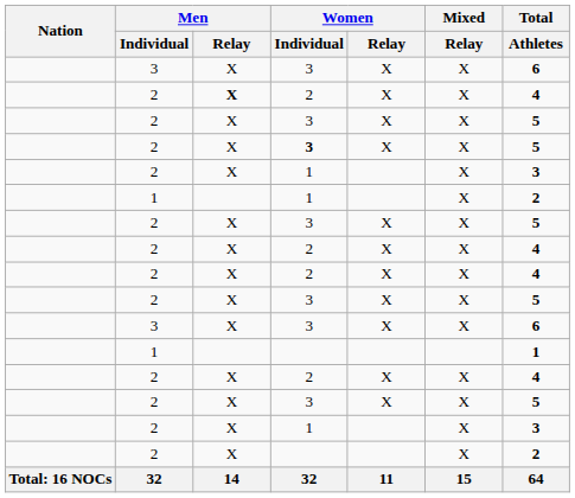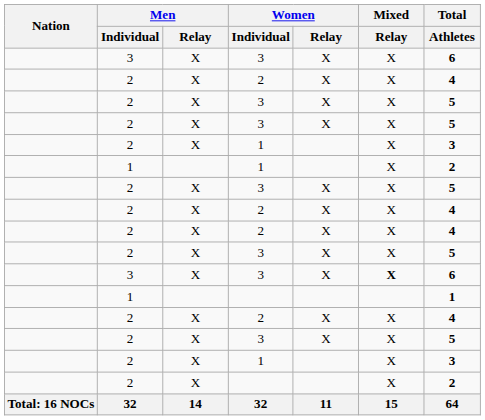 <table class="wikitable" style="text-align:center; font-size:90%">
 <tr>
 <th rowspan="2" align="left">Nation</th>
 <th colspan="2"><a href='#'>Men</a></th>
 <th colspan="2"><a href='#'>Women</a></th>
 <th>Mixed</th>
 <th>Total</th>
 </tr>
 <tr>
 <th width=65>Individual</th>
 <th width=65>Relay</th>
 <th width=65>Individual</th>
 <th width=65>Relay</th>
 <th width=65>Relay</th>
 <th width=55>Athletes</th>
 </tr>
 <tr>
 <td align=left></td>
 <td>3</td>
 <td>X</td>
 <td>3</td>
 <td>X</td>
 <td>X</td>
 <td><strong>6</strong></td>
 </tr>
 <tr>
 <td align=left></td>
 <td>2</td>
-<td><strong>X</strong></td>
+<td>X</td>
 <td>2</td>
 <td>X</td>
 <td>X</td>
 <td><strong>4</strong></td>
 </tr>
 <tr>
 <td align=left></td>
 <td>2</td>
 <td>X</td>
 <td>3</td>
 <td>X</td>
 <td>X</td>
 <td><strong>5</strong></td>
 </tr>
 <tr>
 <td align=left></td>
 <td>2</td>
 <td>X</td>
-<td><strong>3</strong></td>
+<td>3</td>
 <td>X</td>
 <td>X</td>
 <td><strong>5</strong></td>
 </tr>
 <tr>
 <td align=left></td>
 <td>2</td>
 <td>X</td>
 <td>1</td>
 <td></td>
 <td>X</td>
 <td><strong>3</strong></td>
 </tr>
 <tr>
 <td align=left></td>
 <td>1</td>
 <td></td>
 <td>1</td>
 <td></td>
 <td>X</td>
 <td><strong>2</strong></td>
 </tr>
 <tr>
 <td align=left></td>
 <td>2</td>
 <td>X</td>
 <td>3</td>
 <td>X</td>
 <td>X</td>
 <td><strong>5</strong></td>
 </tr>
 <tr>
 <td align=left></td>
 <td>2</td>
 <td>X</td>
 <td>2</td>
 <td>X</td>
 <td>X</td>
 <td><strong>4</strong></td>
 </tr>
 <tr>
 <td align=left></td>
 <td>2</td>
 <td>X</td>
 <td>2</td>
 <td>X</td>
 <td>X</td>
 <td><strong>4</strong></td>
 </tr>
 <tr>
 <td align=left></td>
 <td>2</td>
 <td>X</td>
 <td>3</td>
 <td>X</td>
 <td>X</td>
 <td><strong>5</strong></td>
 </tr>
 <tr>
 <td align=left></td>
 <td>3</td>
 <td>X</td>
 <td>3</td>
 <td>X</td>
-<td>X</td>
+<td><strong>X</strong></td>
 <td><strong>6</strong></td>
 </tr>
 <tr>
 <td align=left></td>
 <td>1</td>
 <td></td>
 <td></td>
 <td></td>
 <td></td>
 <td><strong>1</strong></td>
 </tr>
 <tr>
 <td align=left></td>
 <td>2</td>
 <td>X</td>
 <td>2</td>
 <td>X</td>
 <td>X</td>
 <td><strong>4</strong></td>
 </tr>
 <tr>
 <td align=left></td>
 <td>2</td>
 <td>X</td>
 <td>3</td>
 <td>X</td>
 <td>X</td>
 <td><strong>5</strong></td>
 </tr>
 <tr>
 <td align=left></td>
 <td>2</td>
 <td>X</td>
 <td>1</td>
 <td></td>
 <td>X</td>
 <td><strong>3</strong></td>
 </tr>
 <tr>
 <td align=left></td>
 <td>2</td>
 <td>X</td>
 <td></td>
 <td></td>
 <td>X</td>
 <td><strong>2</strong></td>
 </tr>
 <tr>
 <th>Total: 16 NOCs</th>
 <th>32</th>
 <th>14</th>
 <th>32</th>
 <th>11</th>
 <th>15</th>
 <th>64</th>
 </tr>
 </table>
